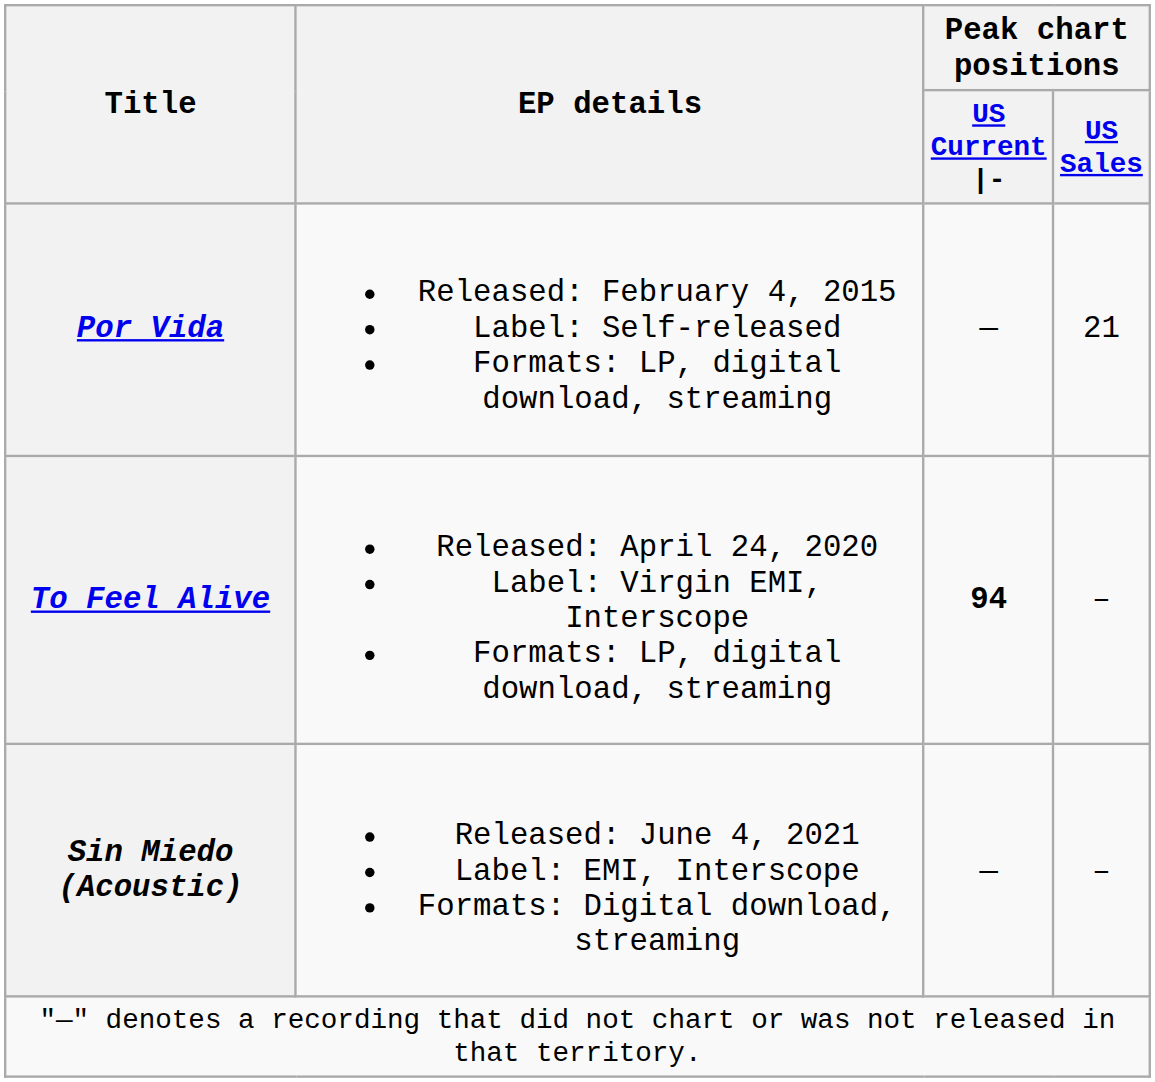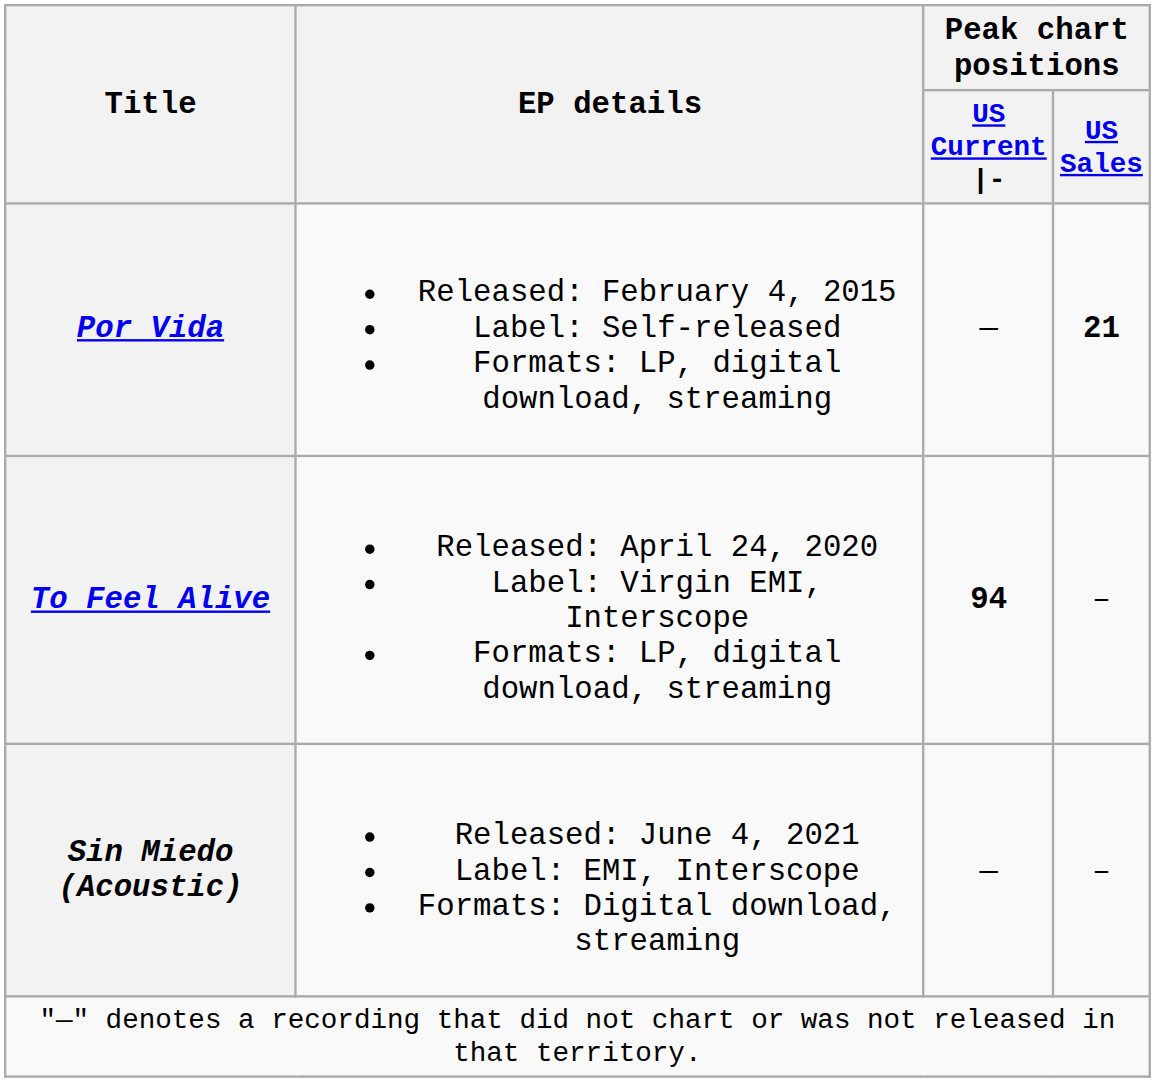 <table class="wikitable plainrowheaders" style="text-align:center;">
 <tr>
 <th scope="col" rowspan="2" style="width:9em;">Title</th>
 <th scope="col" rowspan="2" style="width:20em;">EP details</th>
 <th scope="col" colspan="2">Peak chart positions</th>
 </tr>
 <tr>
 <th scope="col" style="width:3em;font-size:90%;"><a href='#'>US<br>Current</a><br>|-</th>
 <th scope="col" style="width:3em;font-size:90%;"><a href='#'>US<br>Sales</a><br></th>
 </tr>
 <tr>
 <th scope="row"><em><a href='#'>Por Vida</a></em></th>
 <td><br><ul><li>Released: February 4, 2015</li><li>Label: Self-released</li><li>Formats: LP, digital download, streaming</li></ul></td>
 <td>—</td>
-<td>21</td>
+<td><strong>21</strong></td>
 </tr>
 <tr>
 <th scope="row"><em><a href='#'>To Feel Alive</a></em></th>
 <td><br><ul><li>Released: April 24, 2020</li><li>Label: Virgin EMI, Interscope</li><li>Formats: LP, digital download, streaming</li></ul></td>
 <td><strong>94</strong></td>
 <td>–</td>
 </tr>
 <tr>
 <th scope="row"><em>Sin Miedo (Acoustic)</em></th>
 <td><br><ul><li>Released: June 4, 2021</li><li>Label: EMI, Interscope</li><li>Formats: Digital download, streaming</li></ul></td>
 <td>—</td>
 <td>–</td>
 </tr>
 <tr>
 <td colspan="5" style="font-size:90%;">"—" denotes a recording that did not chart or was not released in that territory.</td>
 </tr>
 </table>
